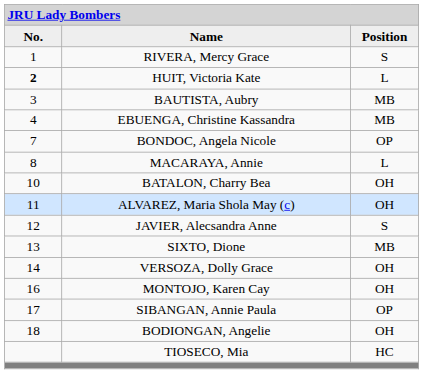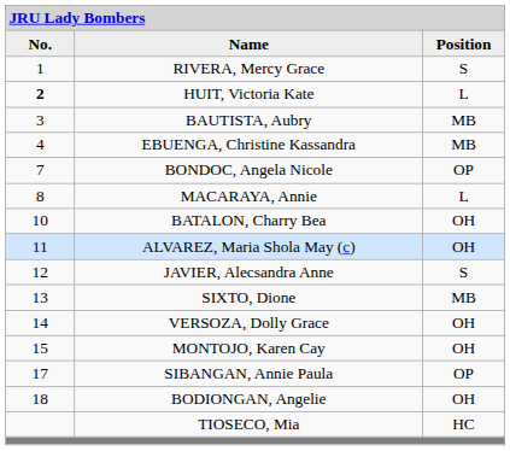 <table class='wikitable mw-collapsible mw-collapsed' style="text-align: center; width: 500px; border: none">
 <tr>
 <th style="background:#D4D4D4; text-align:left;" colspan=3><a href='#'>JRU Lady Bombers</a></th>
 </tr>
 <tr style="background:#EEEEEE; font-weight:bold;">
 <td width=10%>No.</td>
 <td width=50%>Name</td>
 <td width=10%>Position</td>
 </tr>
 <tr>
 <td align=center>1</td>
 <td>RIVERA, Mercy Grace</td>
 <td align=center>S</td>
 </tr>
 <tr>
 <td align=center><strong>2</strong></td>
 <td>HUIT, Victoria Kate</td>
 <td align=center>L</td>
 </tr>
 <tr>
 <td align=center>3</td>
 <td>BAUTISTA, Aubry</td>
 <td align=center>MB</td>
 </tr>
 <tr>
 <td align=center>4</td>
 <td>EBUENGA, Christine Kassandra</td>
 <td align=center>MB</td>
 </tr>
 <tr>
 <td align=center>7</td>
 <td>BONDOC, Angela Nicole</td>
 <td align=center>OP</td>
 </tr>
 <tr>
 <td align=center>8</td>
 <td>MACARAYA, Annie</td>
 <td align=center>L</td>
 </tr>
 <tr>
 <td align=center>10</td>
 <td>BATALON, Charry Bea</td>
 <td align=center>OH</td>
 </tr>
 <tr style="background: #D0E6FF">
 <td align=center>11</td>
 <td>ALVAREZ, Maria Shola May (<a href='#'>c</a>)</td>
 <td align=center>OH</td>
 </tr>
 <tr>
 <td align=center>12</td>
 <td>JAVIER, Alecsandra Anne</td>
 <td align=center>S</td>
 </tr>
 <tr>
 <td align=center>13</td>
 <td>SIXTO, Dione</td>
 <td align=center>MB</td>
 </tr>
 <tr>
 <td align=center>14</td>
 <td>VERSOZA, Dolly Grace</td>
 <td align=center>OH</td>
 </tr>
 <tr>
-<td align=center>16</td>
+<td align=center>15</td>
 <td>MONTOJO, Karen Cay</td>
 <td align=center>OH</td>
 </tr>
 <tr>
 <td align=center>17</td>
 <td>SIBANGAN, Annie Paula</td>
 <td align=center>OP</td>
 </tr>
 <tr>
 <td align=center>18</td>
 <td>BODIONGAN, Angelie</td>
 <td align=center>OH</td>
 </tr>
 <tr>
 <td align=center></td>
 <td>TIOSECO, Mia</td>
 <td align=center>HC</td>
 </tr>
 <tr>
 <th style='background: grey;' colspan=3></th>
 </tr>
 </table>
